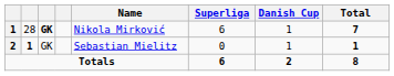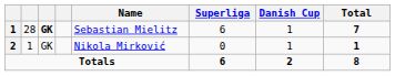 <table class="wikitable" style="text-align:center">
 <tr>
 <th width=15></th>
 <th width=15></th>
 <th width=15></th>
 <th width=15></th>
 <th width=145>Name</th>
 <th width=80><a href='#'>Superliga</a></th>
 <th width=80><a href='#'>Danish Cup</a></th>
 <th width=80>Total</th>
 </tr>
 <tr>
 <th rowspan=1>1</th>
 <td>28</td>
 <td><strong>GK</strong></td>
 <td></td>
-<td align=left><a href='#'>Nikola Mirković</a></td>
+<td align=left><a href='#'>Sebastian Mielitz</a></td>
 <td>6</td>
 <td>1</td>
 <td><strong>7</strong></td>
 </tr>
 <tr>
 <th rowspan=1>2</th>
-<td><strong>1</strong></td>
+<td>1</td>
 <td>GK</td>
 <td></td>
-<td align=left><a href='#'>Sebastian Mielitz</a></td>
+<td align=left><a href='#'>Nikola Mirković</a></td>
 <td>0</td>
 <td>1</td>
 <td><strong>1</strong></td>
 </tr>
 <tr>
 <td colspan=5><strong>Totals</strong></td>
 <td><strong>6</strong></td>
 <td><strong>2</strong></td>
 <td><strong>8</strong></td>
 </tr>
 </table>
